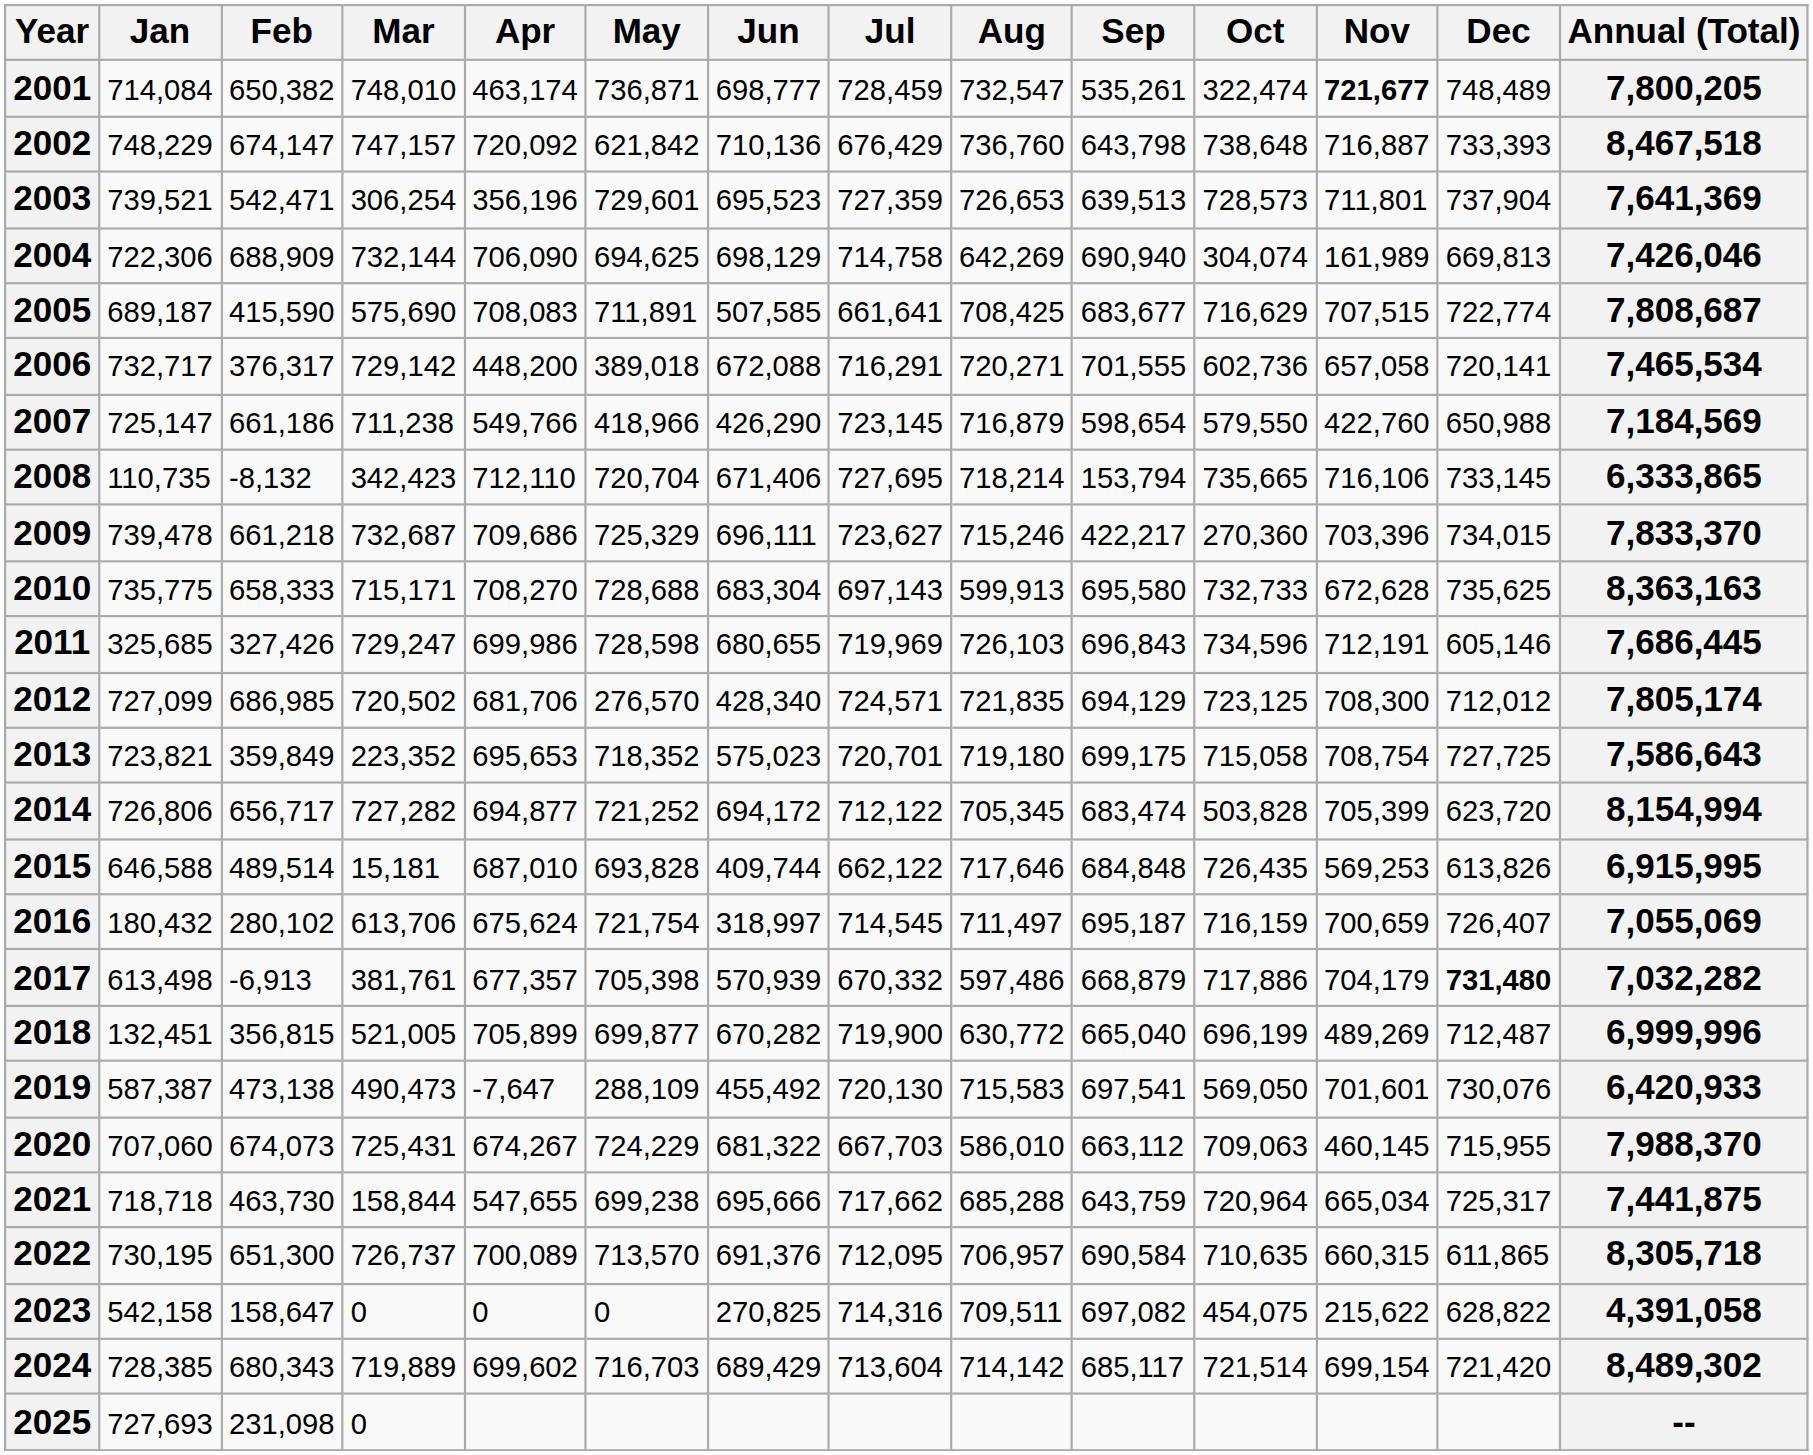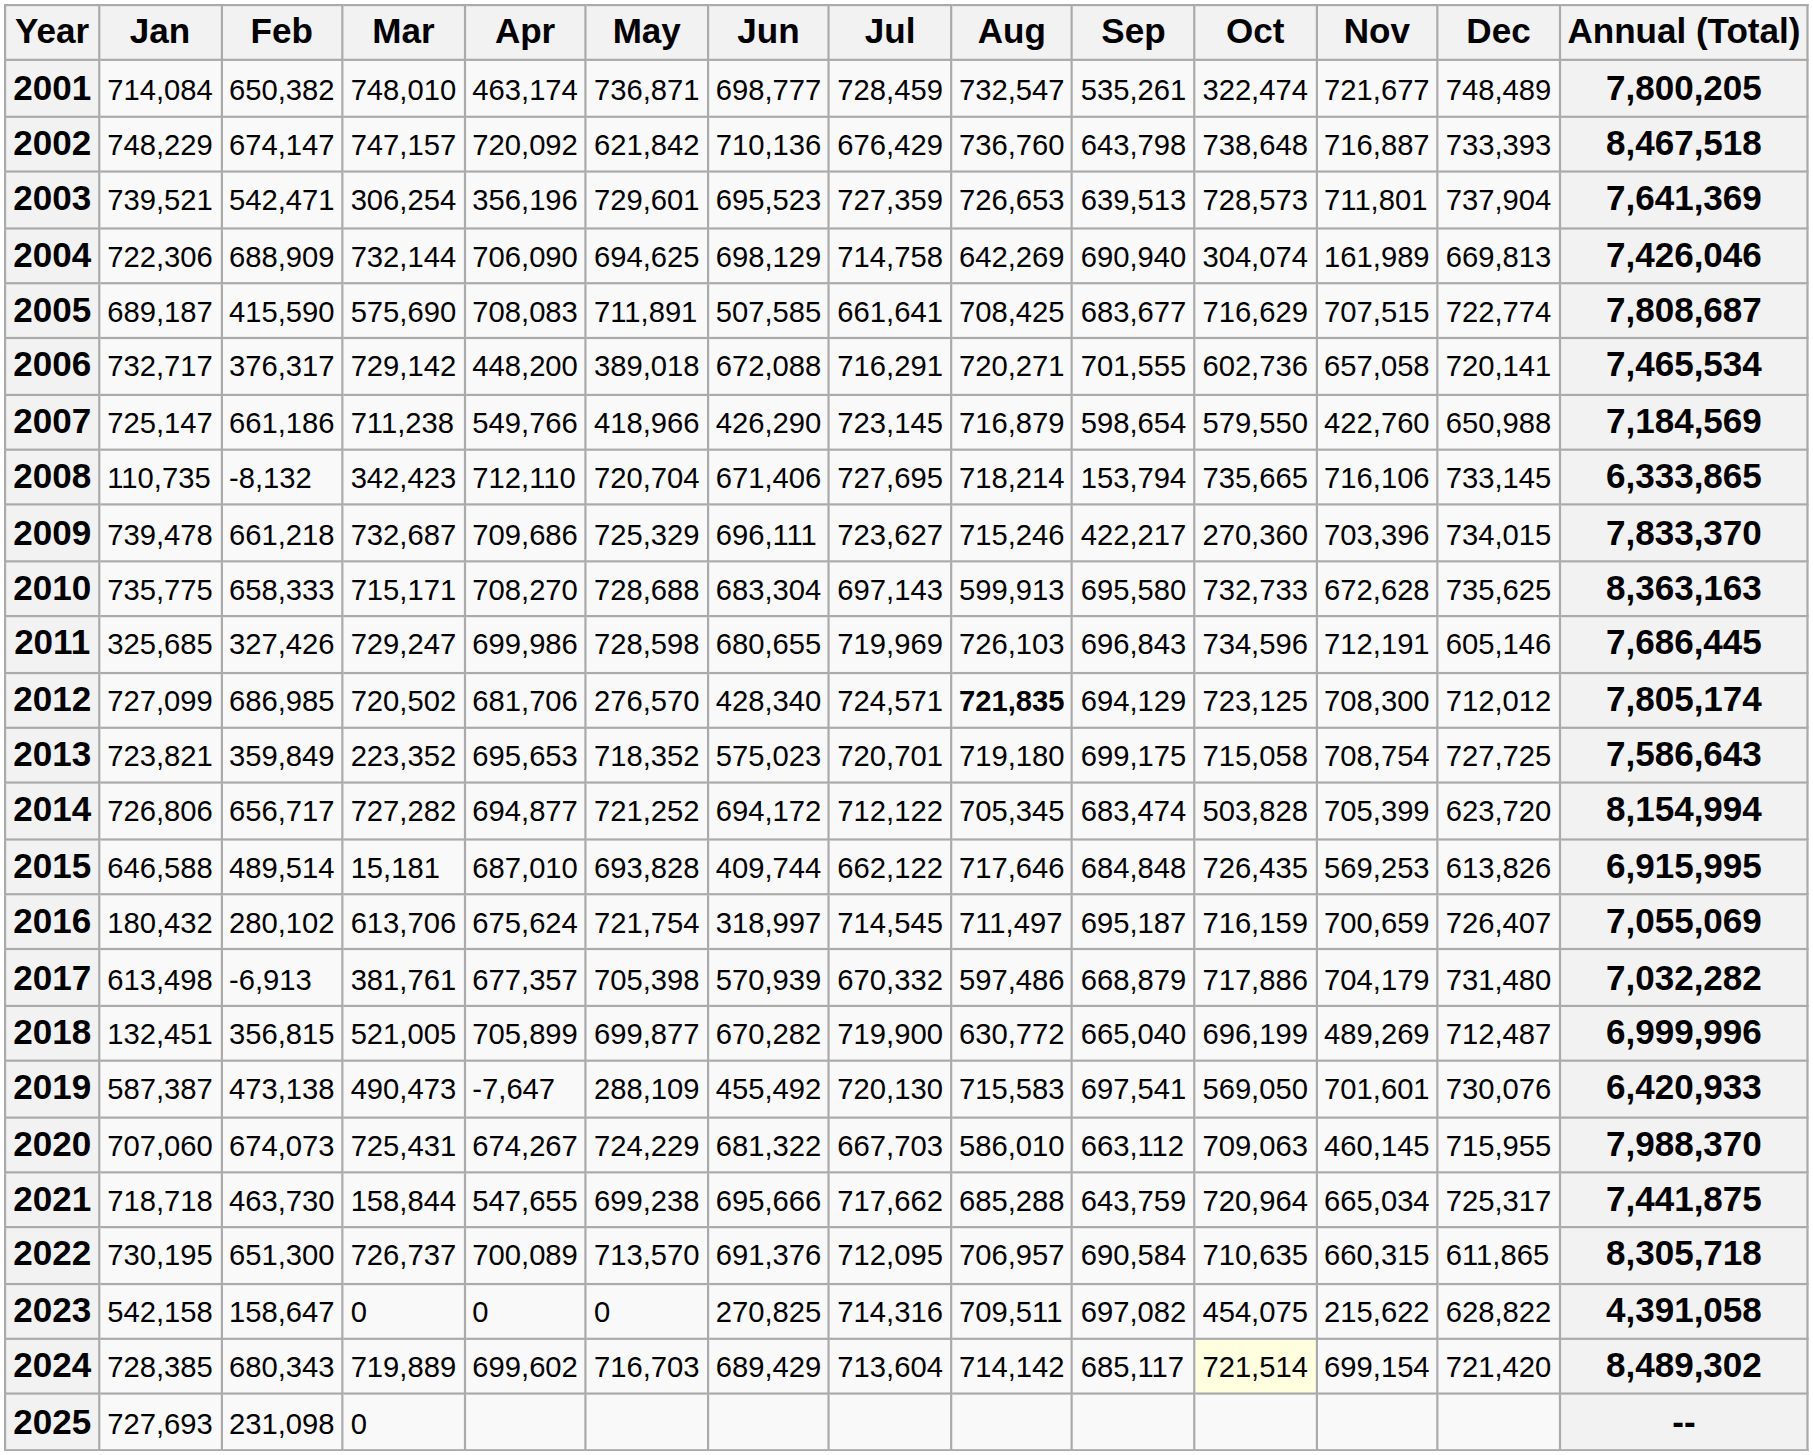 <table class="wikitable">
 <tr>
 <th>Year</th>
 <th>Jan</th>
 <th>Feb</th>
 <th>Mar</th>
 <th>Apr</th>
 <th>May</th>
 <th>Jun</th>
 <th>Jul</th>
 <th>Aug</th>
 <th>Sep</th>
 <th>Oct</th>
 <th>Nov</th>
 <th>Dec</th>
 <th>Annual (Total)</th>
 </tr>
 <tr>
 <th>2001</th>
 <td><small>714,084</small></td>
 <td><small>650,382</small></td>
 <td><small>748,010</small></td>
 <td><small>463,174</small></td>
 <td><small>736,871</small></td>
 <td><small>698,777</small></td>
 <td><small>728,459</small></td>
 <td><small>732,547</small></td>
 <td><small>535,261</small></td>
 <td><small>322,474</small></td>
-<td><strong><small>721,677</small></strong></td>
+<td><small>721,677</small></td>
 <td><small>748,489</small></td>
 <th>7,800,205</th>
 </tr>
 <tr>
 <th>2002</th>
 <td><small>748,229</small></td>
 <td><small>674,147</small></td>
 <td><small>747,157</small></td>
 <td><small>720,092</small></td>
 <td><small>621,842</small></td>
 <td><small>710,136</small></td>
 <td><small>676,429</small></td>
 <td><small>736,760</small></td>
 <td><small>643,798</small></td>
 <td><small>738,648</small></td>
 <td><small>716,887</small></td>
 <td><small>733,393</small></td>
 <th>8,467,518</th>
 </tr>
 <tr>
 <th>2003</th>
 <td><small>739,521</small></td>
 <td><small>542,471</small></td>
 <td><small>306,254</small></td>
 <td><small>356,196</small></td>
 <td><small>729,601</small></td>
 <td><small>695,523</small></td>
 <td><small>727,359</small></td>
 <td><small>726,653</small></td>
 <td><small>639,513</small></td>
 <td><small>728,573</small></td>
 <td><small>711,801</small></td>
 <td><small>737,904</small></td>
 <th>7,641,369</th>
 </tr>
 <tr>
 <th>2004</th>
 <td><small>722,306</small></td>
 <td><small>688,909</small></td>
 <td><small>732,144</small></td>
 <td><small>706,090</small></td>
 <td><small>694,625</small></td>
 <td><small>698,129</small></td>
 <td><small>714,758</small></td>
 <td><small>642,269</small></td>
 <td><small>690,940</small></td>
 <td><small>304,074</small></td>
 <td><small>161,989</small></td>
 <td><small>669,813</small></td>
 <th>7,426,046</th>
 </tr>
 <tr>
 <th>2005</th>
 <td><small>689,187</small></td>
 <td><small>415,590</small></td>
 <td><small>575,690</small></td>
 <td><small>708,083</small></td>
 <td><small>711,891</small></td>
 <td><small>507,585</small></td>
 <td><small>661,641</small></td>
 <td><small>708,425</small></td>
 <td><small>683,677</small></td>
 <td><small>716,629</small></td>
 <td><small>707,515</small></td>
 <td><small>722,774</small></td>
 <th>7,808,687</th>
 </tr>
 <tr>
 <th>2006</th>
 <td><small>732,717</small></td>
 <td><small>376,317</small></td>
 <td><small>729,142</small></td>
 <td><small>448,200</small></td>
 <td><small>389,018</small></td>
 <td><small>672,088</small></td>
 <td><small>716,291</small></td>
 <td><small>720,271</small></td>
 <td><small>701,555</small></td>
 <td><small>602,736</small></td>
 <td><small>657,058</small></td>
 <td><small>720,141</small></td>
 <th>7,465,534</th>
 </tr>
 <tr>
 <th>2007</th>
 <td><small>725,147</small></td>
 <td><small>661,186</small></td>
 <td><small>711,238</small></td>
 <td><small>549,766</small></td>
 <td><small>418,966</small></td>
 <td><small>426,290</small></td>
 <td><small>723,145</small></td>
 <td><small>716,879</small></td>
 <td><small>598,654</small></td>
 <td><small>579,550</small></td>
 <td><small>422,760</small></td>
 <td><small>650,988</small></td>
 <th>7,184,569</th>
 </tr>
 <tr>
 <th>2008</th>
 <td><small>110,735</small></td>
 <td><small>-8,132</small></td>
 <td><small>342,423</small></td>
 <td><small>712,110</small></td>
 <td><small>720,704</small></td>
 <td><small>671,406</small></td>
 <td><small>727,695</small></td>
 <td><small>718,214</small></td>
 <td><small>153,794</small></td>
 <td><small>735,665</small></td>
 <td><small>716,106</small></td>
 <td><small>733,145</small></td>
 <th>6,333,865</th>
 </tr>
 <tr>
 <th>2009</th>
 <td><small>739,478</small></td>
 <td><small>661,218</small></td>
 <td><small>732,687</small></td>
 <td><small>709,686</small></td>
 <td><small>725,329</small></td>
 <td><small>696,111</small></td>
 <td><small>723,627</small></td>
 <td><small>715,246</small></td>
 <td><small>422,217</small></td>
 <td><small>270,360</small></td>
 <td><small>703,396</small></td>
 <td><small>734,015</small></td>
 <th>7,833,370</th>
 </tr>
 <tr>
 <th>2010</th>
 <td><small>735,775</small></td>
 <td><small>658,333</small></td>
 <td><small>715,171</small></td>
 <td><small>708,270</small></td>
 <td><small>728,688</small></td>
 <td><small>683,304</small></td>
 <td><small>697,143</small></td>
 <td><small>599,913</small></td>
 <td><small>695,580</small></td>
 <td><small>732,733</small></td>
 <td><small>672,628</small></td>
 <td><small>735,625</small></td>
 <th>8,363,163</th>
 </tr>
 <tr>
 <th>2011</th>
 <td><small>325,685</small></td>
 <td><small>327,426</small></td>
 <td><small>729,247</small></td>
 <td><small>699,986</small></td>
 <td><small>728,598</small></td>
 <td><small>680,655</small></td>
 <td><small>719,969</small></td>
 <td><small>726,103</small></td>
 <td><small>696,843</small></td>
 <td><small>734,596</small></td>
 <td><small>712,191</small></td>
 <td><small>605,146</small></td>
 <th>7,686,445</th>
 </tr>
 <tr>
 <th>2012</th>
 <td><small>727,099</small></td>
 <td><small>686,985</small></td>
 <td><small>720,502</small></td>
 <td><small>681,706</small></td>
 <td><small>276,570</small></td>
 <td><small>428,340</small></td>
 <td><small>724,571</small></td>
-<td><small>721,835</small></td>
+<td><strong><small>721,835</small></strong></td>
 <td><small>694,129</small></td>
 <td><small>723,125</small></td>
 <td><small>708,300</small></td>
 <td><small>712,012</small></td>
 <th>7,805,174</th>
 </tr>
 <tr>
 <th>2013</th>
 <td><small>723,821</small></td>
 <td><small>359,849</small></td>
 <td><small>223,352</small></td>
 <td><small>695,653</small></td>
 <td><small>718,352</small></td>
 <td><small>575,023</small></td>
 <td><small>720,701</small></td>
 <td><small>719,180</small></td>
 <td><small>699,175</small></td>
 <td><small>715,058</small></td>
 <td><small>708,754</small></td>
 <td><small>727,725</small></td>
 <th>7,586,643</th>
 </tr>
 <tr>
 <th>2014</th>
 <td><small>726,806</small></td>
 <td><small>656,717</small></td>
 <td><small>727,282</small></td>
 <td><small>694,877</small></td>
 <td><small>721,252</small></td>
 <td><small>694,172</small></td>
 <td><small>712,122</small></td>
 <td><small>705,345</small></td>
 <td><small>683,474</small></td>
 <td><small>503,828</small></td>
 <td><small>705,399</small></td>
 <td><small>623,720</small></td>
 <th>8,154,994</th>
 </tr>
 <tr>
 <th>2015</th>
 <td><small>646,588</small></td>
 <td><small>489,514</small></td>
 <td><small>15,181</small></td>
 <td><small>687,010</small></td>
 <td><small>693,828</small></td>
 <td><small>409,744</small></td>
 <td><small>662,122</small></td>
 <td><small>717,646</small></td>
 <td><small>684,848</small></td>
 <td><small>726,435</small></td>
 <td><small>569,253</small></td>
 <td><small>613,826</small></td>
 <th>6,915,995</th>
 </tr>
 <tr>
 <th>2016</th>
 <td><small>180,432</small></td>
 <td><small>280,102</small></td>
 <td><small>613,706</small></td>
 <td><small>675,624</small></td>
 <td><small>721,754</small></td>
 <td><small>318,997</small></td>
 <td><small>714,545</small></td>
 <td><small>711,497</small></td>
 <td><small>695,187</small></td>
 <td><small>716,159</small></td>
 <td><small>700,659</small></td>
 <td><small>726,407</small></td>
 <th>7,055,069</th>
 </tr>
 <tr>
 <th>2017</th>
 <td><small>613,498</small></td>
 <td><small>-6,913</small></td>
 <td><small>381,761</small></td>
 <td><small>677,357</small></td>
 <td><small>705,398</small></td>
 <td><small>570,939</small></td>
 <td><small>670,332</small></td>
 <td><small>597,486</small></td>
 <td><small>668,879</small></td>
 <td><small>717,886</small></td>
 <td><small>704,179</small></td>
-<td><strong><small>731,480</small></strong></td>
+<td><small>731,480</small></td>
 <th>7,032,282</th>
 </tr>
 <tr>
 <th>2018</th>
 <td><small>132,451</small></td>
 <td><small>356,815</small></td>
 <td><small>521,005</small></td>
 <td><small>705,899</small></td>
 <td><small>699,877</small></td>
 <td><small>670,282</small></td>
 <td><small>719,900</small></td>
 <td><small>630,772</small></td>
 <td><small>665,040</small></td>
 <td><small>696,199</small></td>
 <td><small>489,269</small></td>
 <td><small>712,487</small></td>
 <th>6,999,996</th>
 </tr>
 <tr>
 <th>2019</th>
 <td><small>587,387</small></td>
 <td><small>473,138</small></td>
 <td><small>490,473</small></td>
 <td><small>-7,647</small></td>
 <td><small>288,109</small></td>
 <td><small>455,492</small></td>
 <td><small>720,130</small></td>
 <td><small>715,583</small></td>
 <td><small>697,541</small></td>
 <td><small>569,050</small></td>
 <td><small>701,601</small></td>
 <td><small>730,076</small></td>
 <th>6,420,933</th>
 </tr>
 <tr>
 <th>2020</th>
 <td><small>707,060</small></td>
 <td><small>674,073</small></td>
 <td><small>725,431</small></td>
 <td><small>674,267</small></td>
 <td><small>724,229</small></td>
 <td><small>681,322</small></td>
 <td><small>667,703</small></td>
 <td><small>586,010</small></td>
 <td><small>663,112</small></td>
 <td><small>709,063</small></td>
 <td><small>460,145</small></td>
 <td><small>715,955</small></td>
 <th>7,988,370</th>
 </tr>
 <tr>
 <th>2021</th>
 <td><small>718,718</small></td>
 <td><small>463,730</small></td>
 <td><small>158,844</small></td>
 <td><small>547,655</small></td>
 <td><small>699,238</small></td>
 <td><small>695,666</small></td>
 <td><small>717,662</small></td>
 <td><small>685,288</small></td>
 <td><small>643,759</small></td>
 <td><small>720,964</small></td>
 <td><small>665,034</small></td>
 <td><small>725,317</small></td>
 <th>7,441,875</th>
 </tr>
 <tr>
 <th>2022</th>
 <td><small>730,195</small></td>
 <td><small>651,300</small></td>
 <td><small>726,737</small></td>
 <td><small>700,089</small></td>
 <td><small>713,570</small></td>
 <td><small>691,376</small></td>
 <td><small>712,095</small></td>
 <td><small>706,957</small></td>
 <td><small>690,584</small></td>
 <td><small>710,635</small></td>
 <td><small>660,315</small></td>
 <td><small>611,865</small></td>
 <th>8,305,718</th>
 </tr>
 <tr>
 <th>2023</th>
 <td><small>542,158</small></td>
 <td><small>158,647</small></td>
 <td><small>0</small></td>
 <td><small>0</small></td>
 <td><small>0</small></td>
 <td><small>270,825</small></td>
 <td><small>714,316</small></td>
 <td><small>709,511</small></td>
 <td><small>697,082</small></td>
 <td><small>454,075</small></td>
 <td><small>215,622</small></td>
 <td><small>628,822</small></td>
 <th>4,391,058</th>
 </tr>
 <tr>
 <th>2024</th>
 <td><small>728,385</small></td>
 <td><small>680,343</small></td>
 <td><small>719,889</small></td>
 <td><small>699,602</small></td>
 <td><small>716,703</small></td>
 <td><small>689,429</small></td>
 <td><small>713,604</small></td>
 <td><small>714,142</small></td>
 <td><small>685,117</small></td>
-<td><small>721,514</small></td>
+<td style="background: lightyellow;"><small>721,514</small></td>
 <td><small>699,154</small></td>
 <td><small>721,420</small></td>
 <th>8,489,302</th>
 </tr>
 <tr>
 <th>2025</th>
 <td><small>727,693</small></td>
 <td><small>231,098</small></td>
 <td><small>0</small></td>
 <td><small></small></td>
 <td><small></small></td>
 <td><small></small></td>
 <td><small></small></td>
 <td><small></small></td>
 <td><small></small></td>
 <td><small></small></td>
 <td><small></small></td>
 <td><small></small></td>
 <th>--</th>
 </tr>
 <tr>
 </tr>
 </table>
